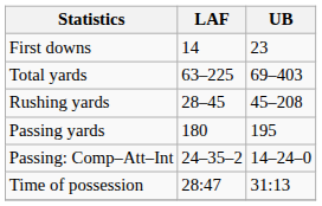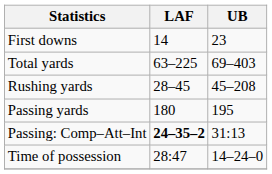 <table class="wikitable" style="float: left;">
 <tr>
 <th>Statistics</th>
 <th>LAF</th>
 <th>UB</th>
 </tr>
 <tr>
 <td>First downs</td>
 <td>14</td>
 <td>23</td>
 </tr>
 <tr>
 <td>Total yards</td>
 <td>63–225</td>
 <td>69–403</td>
 </tr>
 <tr>
 <td>Rushing yards</td>
 <td>28–45</td>
 <td>45–208</td>
 </tr>
 <tr>
 <td>Passing yards</td>
 <td>180</td>
 <td>195</td>
 </tr>
 <tr>
 <td>Passing: Comp–Att–Int</td>
-<td>24–35–2</td>
-<td>14–24–0</td>
+<td><strong>24–35–2</strong></td>
+<td>31:13</td>
 </tr>
 <tr>
 <td>Time of possession</td>
 <td>28:47</td>
-<td>31:13</td>
+<td>14–24–0</td>
 </tr>
 <tr>
 </tr>
 </table>
